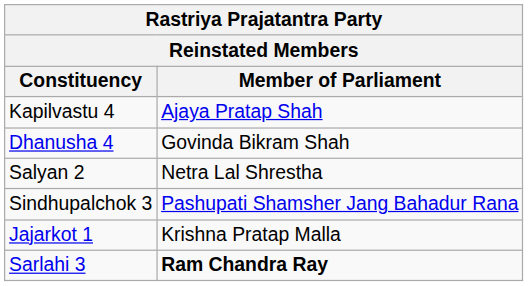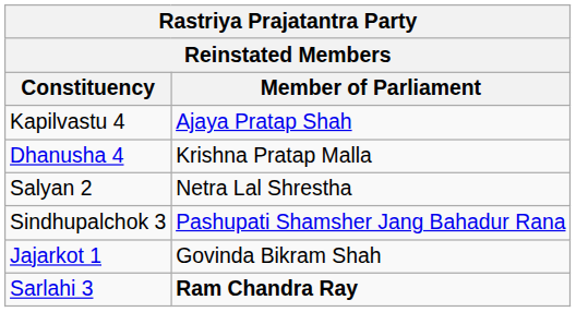 <table role="presentation" class="wikitable mw-collapsible mw-collapsed">
 <tr>
 <th colspan="2" style="width: 300pt; background:">Rastriya Prajatantra Party</th>
 </tr>
 <tr>
 <th colspan="2">Reinstated Members</th>
 </tr>
 <tr>
 <th>Constituency</th>
 <th>Member of Parliament</th>
 </tr>
 <tr>
 <td>Kapilvastu 4</td>
 <td><a href='#'>Ajaya Pratap Shah</a></td>
 </tr>
 <tr>
 <td><a href='#'>Dhanusha 4</a></td>
-<td>Govinda Bikram Shah</td>
+<td>Krishna Pratap Malla</td>
 </tr>
 <tr>
 <td>Salyan 2</td>
 <td>Netra Lal Shrestha</td>
 </tr>
 <tr>
 <td>Sindhupalchok 3</td>
 <td><a href='#'>Pashupati Shamsher Jang Bahadur Rana</a></td>
 </tr>
 <tr>
 <td><a href='#'>Jajarkot 1</a></td>
-<td>Krishna Pratap Malla</td>
+<td>Govinda Bikram Shah</td>
 </tr>
 <tr>
 <td><a href='#'>Sarlahi 3</a></td>
 <td><strong>Ram Chandra Ray</strong></td>
 </tr>
 </table>
